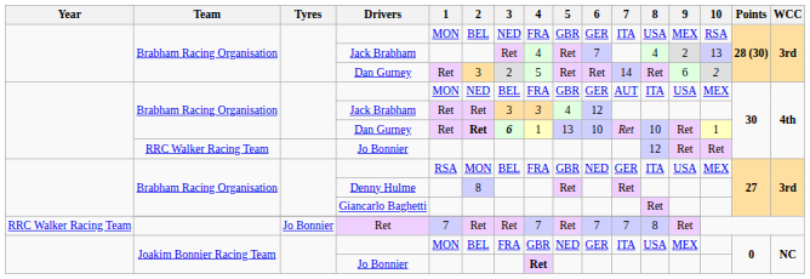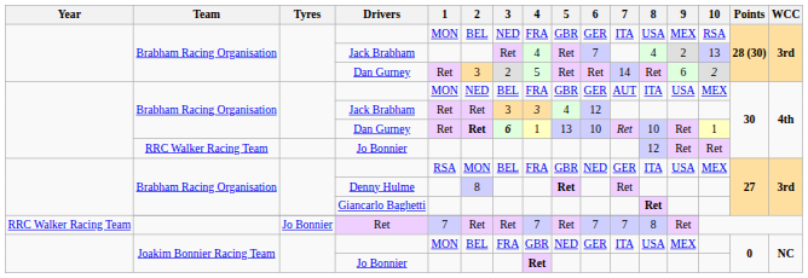 <table class="wikitable" style="text-align:center; font-size:95%">
 <tr>
 <th>Year</th>
 <th>Team</th>
 <th>Tyres</th>
 <th>Drivers</th>
 <th>1</th>
 <th>2</th>
 <th>3</th>
 <th>4</th>
 <th>5</th>
 <th>6</th>
 <th>7</th>
 <th>8</th>
 <th>9</th>
 <th>10</th>
 <th>Points</th>
 <th>WCC</th>
 </tr>
 <tr>
 <td rowspan="3"></td>
 <td rowspan="3"><a href='#'>Brabham Racing Organisation</a></td>
 <td rowspan="3"></td>
 <td></td>
 <td><a href='#'>MON</a></td>
 <td><a href='#'>BEL</a></td>
 <td><a href='#'>NED</a></td>
 <td><a href='#'>FRA</a></td>
 <td><a href='#'>GBR</a></td>
 <td><a href='#'>GER</a></td>
 <td><a href='#'>ITA</a></td>
 <td><a href='#'>USA</a></td>
 <td><a href='#'>MEX</a></td>
 <td><a href='#'>RSA</a></td>
 <td rowspan="3" style="background:#ffdf9f;"><strong>28 (30)</strong></td>
 <td rowspan="3" style="background:#ffdf9f;"><strong>3rd</strong></td>
 </tr>
 <tr>
 <td><a href='#'>Jack Brabham</a></td>
 <td></td>
 <td></td>
 <td style="background:#EFCFFF;">Ret</td>
 <td style="background:#dfffdf;">4</td>
 <td style="background:#EFCFFF;">Ret</td>
 <td style="background:#cfcfff;">7</td>
 <td></td>
 <td style="background:#dfffdf;">4</td>
 <td style="background:#dfdfdf;">2</td>
 <td style="background:#cfcfff;">13</td>
 </tr>
 <tr>
 <td><a href='#'>Dan Gurney</a></td>
 <td style="background:#EFCFFF;">Ret</td>
 <td style="background:#ffdf9f;">3</td>
 <td style="background:#dfdfdf;">2</td>
 <td style="background:#dfffdf;">5</td>
 <td style="background:#EFCFFF;">Ret</td>
 <td style="background:#EFCFFF;">Ret</td>
 <td style="background:#cfcfff;">14</td>
 <td style="background:#EFCFFF;">Ret</td>
 <td style="background:#dfffdf;">6</td>
 <td style="background:#dfdfdf;"><em>2</em></td>
 </tr>
 <tr>
 <td rowspan="4"></td>
 <td rowspan="3"><a href='#'>Brabham Racing Organisation</a></td>
 <td rowspan="3"></td>
 <td></td>
 <td><a href='#'>MON</a></td>
 <td><a href='#'>NED</a></td>
 <td><a href='#'>BEL</a></td>
 <td><a href='#'>FRA</a></td>
 <td><a href='#'>GBR</a></td>
 <td><a href='#'>GER</a></td>
 <td><a href='#'>AUT</a></td>
 <td><a href='#'>ITA</a></td>
 <td><a href='#'>USA</a></td>
 <td><a href='#'>MEX</a></td>
 <td rowspan="4"><strong>30</strong></td>
 <td rowspan="4"><strong>4th</strong></td>
 </tr>
 <tr>
 <td><a href='#'>Jack Brabham</a></td>
 <td style="background:#EFCFFF;">Ret</td>
 <td style="background:#EFCFFF;">Ret</td>
 <td style="background:#ffdf9f;">3</td>
 <td style="background:#ffdf9f;"><em>3</em></td>
 <td style="background:#dfffdf;">4</td>
 <td style="background:#cfcfff;">12</td>
 <td></td>
 <td></td>
 <td></td>
 <td></td>
 </tr>
 <tr>
 <td><a href='#'>Dan Gurney</a></td>
 <td style="background:#EFCFFF;">Ret</td>
 <td style="background:#EFCFFF;"><strong>Ret</strong></td>
 <td style="background:#dfffdf;"><strong><em>6</em></strong></td>
 <td style="background:#FFFFBF;">1</td>
 <td style="background:#cfcfff;">13</td>
 <td style="background:#cfcfff;">10</td>
 <td style="background:#EFCFFF;"><em>Ret</em></td>
 <td style="background:#cfcfff;">10</td>
 <td style="background:#EFCFFF;">Ret</td>
 <td style="background:#FFFFBF;">1</td>
 </tr>
 <tr>
 <td rowspan="1"><a href='#'>RRC Walker Racing Team</a></td>
 <td rowspan="1"></td>
 <td><a href='#'>Jo Bonnier</a></td>
 <td></td>
 <td></td>
 <td></td>
 <td></td>
 <td></td>
 <td></td>
 <td></td>
 <td style="background:#cfcfff;">12</td>
 <td style="background:#EFCFFF;">Ret</td>
 <td style="background:#EFCFFF;">Ret</td>
 </tr>
 <tr>
 <td rowspan="4"></td>
 <td rowspan="3"><a href='#'>Brabham Racing Organisation</a></td>
 <td rowspan="3"></td>
 <td></td>
 <td><a href='#'>RSA</a></td>
 <td><a href='#'>MON</a></td>
 <td><a href='#'>BEL</a></td>
 <td><a href='#'>FRA</a></td>
 <td><a href='#'>GBR</a></td>
 <td><a href='#'>NED</a></td>
 <td><a href='#'>GER</a></td>
 <td><a href='#'>ITA</a></td>
 <td><a href='#'>USA</a></td>
 <td><a href='#'>MEX</a></td>
 <td rowspan="4" style="background:#ffdf9f;"><strong>27</strong></td>
 <td rowspan="4" style="background:#ffdf9f;"><strong>3rd</strong></td>
 </tr>
 <tr>
 <td><a href='#'>Denny Hulme</a></td>
 <td></td>
 <td style="background:#cfcfff;">8</td>
 <td></td>
 <td></td>
-<td style="background:#EFCFFF;">Ret</td>
+<td style="background:#EFCFFF;"><strong>Ret</strong></td>
 <td></td>
 <td style="background:#EFCFFF;">Ret</td>
 <td></td>
 <td></td>
 <td></td>
 </tr>
 <tr>
 <td><a href='#'>Giancarlo Baghetti</a></td>
 <td></td>
 <td></td>
 <td></td>
 <td></td>
 <td></td>
 <td></td>
 <td></td>
-<td style="background:#EFCFFF;">Ret</td>
+<td style="background:#EFCFFF;"><strong>Ret</strong></td>
 <td></td>
 <td></td>
 </tr>
 <tr>
 </tr>
 <tr>
 <td rowspan="1"><a href='#'>RRC Walker Racing Team</a></td>
 <td rowspan="1"></td>
 <td><a href='#'>Jo Bonnier</a></td>
 <td style="background:#EFCFFF;">Ret</td>
 <td style="background:#cfcfff;">7</td>
 <td style="background:#EFCFFF;">Ret</td>
 <td style="background:#EFCFFF;">Ret</td>
 <td style="background:#cfcfff;">7</td>
 <td style="background:#EFCFFF;">Ret</td>
 <td style="background:#cfcfff;">7</td>
 <td style="background:#cfcfff;">7</td>
 <td style="background:#cfcfff;">8</td>
 <td style="background:#EFCFFF;">Ret</td>
 </tr>
 <tr>
 <td rowspan="2"></td>
 <td rowspan="2"><a href='#'>Joakim Bonnier Racing Team</a></td>
 <td rowspan="2"></td>
 <td></td>
 <td><a href='#'>MON</a></td>
 <td><a href='#'>BEL</a></td>
 <td><a href='#'>FRA</a></td>
 <td><a href='#'>GBR</a></td>
 <td><a href='#'>NED</a></td>
 <td><a href='#'>GER</a></td>
 <td><a href='#'>ITA</a></td>
 <td><a href='#'>USA</a></td>
 <td><a href='#'>MEX</a></td>
 <td></td>
 <td rowspan="2"><strong>0</strong></td>
 <td rowspan="2"><strong>NC</strong></td>
 </tr>
 <tr>
 <td><a href='#'>Jo Bonnier</a></td>
 <td></td>
 <td></td>
 <td></td>
 <td style="background:#EFCFFF;"><strong>Ret</strong></td>
 <td></td>
 <td></td>
 <td></td>
 <td></td>
 <td></td>
 <td></td>
 </tr>
 </table>
